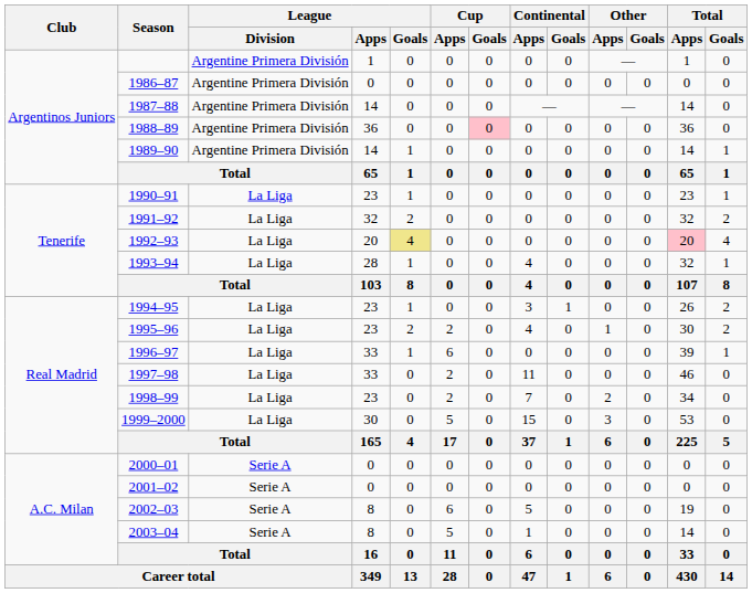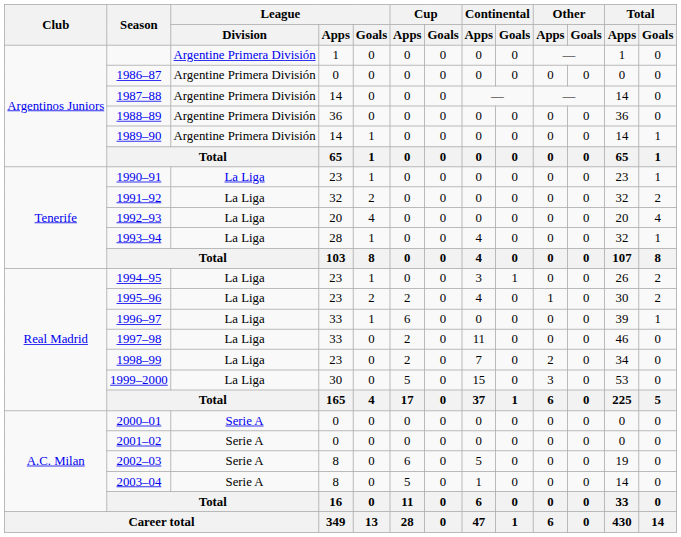 <table class="wikitable" style="text-align:center">
 <tr>
 <th rowspan="2">Club</th>
 <th rowspan="2">Season</th>
 <th colspan="3">League</th>
 <th colspan="2">Cup</th>
 <th colspan="2">Continental</th>
 <th colspan="2">Other</th>
 <th colspan="2">Total</th>
 </tr>
 <tr>
 <th>Division</th>
 <th>Apps</th>
 <th>Goals</th>
 <th>Apps</th>
 <th>Goals</th>
 <th>Apps</th>
 <th>Goals</th>
 <th>Apps</th>
 <th>Goals</th>
 <th>Apps</th>
 <th>Goals</th>
 </tr>
 <tr>
 <td rowspan="6"><a href='#'>Argentinos Juniors</a></td>
 <td></td>
 <td><a href='#'>Argentine Primera División</a></td>
 <td>1</td>
 <td>0</td>
 <td>0</td>
 <td>0</td>
 <td>0</td>
 <td>0</td>
 <td colspan="2">—</td>
 <td>1</td>
 <td>0</td>
 </tr>
 <tr>
 <td><a href='#'>1986–87</a></td>
 <td>Argentine Primera División</td>
 <td>0</td>
 <td>0</td>
 <td>0</td>
 <td>0</td>
 <td>0</td>
 <td>0</td>
 <td>0</td>
 <td>0</td>
 <td>0</td>
 <td>0</td>
 </tr>
 <tr>
 <td><a href='#'>1987–88</a></td>
 <td>Argentine Primera División</td>
 <td>14</td>
 <td>0</td>
 <td>0</td>
 <td>0</td>
 <td colspan="2">—</td>
 <td colspan="2">—</td>
 <td>14</td>
 <td>0</td>
 </tr>
 <tr>
 <td><a href='#'>1988–89</a></td>
 <td>Argentine Primera División</td>
 <td>36</td>
 <td>0</td>
 <td>0</td>
-<td style="background: pink;">0</td>
+<td>0</td>
 <td>0</td>
 <td>0</td>
 <td>0</td>
 <td>0</td>
 <td>36</td>
 <td>0</td>
 </tr>
 <tr>
 <td><a href='#'>1989–90</a></td>
 <td>Argentine Primera División</td>
 <td>14</td>
 <td>1</td>
 <td>0</td>
 <td>0</td>
 <td>0</td>
 <td>0</td>
 <td>0</td>
 <td>0</td>
 <td>14</td>
 <td>1</td>
 </tr>
 <tr>
 <th colspan="2">Total</th>
 <th>65</th>
 <th>1</th>
 <th>0</th>
 <th>0</th>
 <th>0</th>
 <th>0</th>
 <th>0</th>
 <th>0</th>
 <th>65</th>
 <th>1</th>
 </tr>
 <tr>
 <td rowspan="5"><a href='#'>Tenerife</a></td>
 <td><a href='#'>1990–91</a></td>
 <td><a href='#'>La Liga</a></td>
 <td>23</td>
 <td>1</td>
 <td>0</td>
 <td>0</td>
 <td>0</td>
 <td>0</td>
 <td>0</td>
 <td>0</td>
 <td>23</td>
 <td>1</td>
 </tr>
 <tr>
 <td><a href='#'>1991–92</a></td>
 <td>La Liga</td>
 <td>32</td>
 <td>2</td>
 <td>0</td>
 <td>0</td>
 <td>0</td>
 <td>0</td>
 <td>0</td>
 <td>0</td>
 <td>32</td>
 <td>2</td>
 </tr>
 <tr>
 <td><a href='#'>1992–93</a></td>
 <td>La Liga</td>
 <td>20</td>
-<td style="background: khaki;">4</td>
+<td>4</td>
 <td>0</td>
 <td>0</td>
 <td>0</td>
 <td>0</td>
 <td>0</td>
 <td>0</td>
-<td style="background: pink;">20</td>
+<td>20</td>
 <td>4</td>
 </tr>
 <tr>
 <td><a href='#'>1993–94</a></td>
 <td>La Liga</td>
 <td>28</td>
 <td>1</td>
 <td>0</td>
 <td>0</td>
 <td>4</td>
 <td>0</td>
 <td>0</td>
 <td>0</td>
 <td>32</td>
 <td>1</td>
 </tr>
 <tr>
 <th colspan="2">Total</th>
 <th>103</th>
 <th>8</th>
 <th>0</th>
 <th>0</th>
 <th>4</th>
 <th>0</th>
 <th>0</th>
 <th>0</th>
 <th>107</th>
 <th>8</th>
 </tr>
 <tr>
 <td rowspan="7"><a href='#'>Real Madrid</a></td>
 <td><a href='#'>1994–95</a></td>
 <td>La Liga</td>
 <td>23</td>
 <td>1</td>
 <td>0</td>
 <td>0</td>
 <td>3</td>
 <td>1</td>
 <td>0</td>
 <td>0</td>
 <td>26</td>
 <td>2</td>
 </tr>
 <tr>
 <td><a href='#'>1995–96</a></td>
 <td>La Liga</td>
 <td>23</td>
 <td>2</td>
 <td>2</td>
 <td>0</td>
 <td>4</td>
 <td>0</td>
 <td>1</td>
 <td>0</td>
 <td>30</td>
 <td>2</td>
 </tr>
 <tr>
 <td><a href='#'>1996–97</a></td>
 <td>La Liga</td>
 <td>33</td>
 <td>1</td>
 <td>6</td>
 <td>0</td>
 <td>0</td>
 <td>0</td>
 <td>0</td>
 <td>0</td>
 <td>39</td>
 <td>1</td>
 </tr>
 <tr>
 <td><a href='#'>1997–98</a></td>
 <td>La Liga</td>
 <td>33</td>
 <td>0</td>
 <td>2</td>
 <td>0</td>
 <td>11</td>
 <td>0</td>
 <td>0</td>
 <td>0</td>
 <td>46</td>
 <td>0</td>
 </tr>
 <tr>
 <td><a href='#'>1998–99</a></td>
 <td>La Liga</td>
 <td>23</td>
 <td>0</td>
 <td>2</td>
 <td>0</td>
 <td>7</td>
 <td>0</td>
 <td>2</td>
 <td>0</td>
 <td>34</td>
 <td>0</td>
 </tr>
 <tr>
 <td><a href='#'>1999–2000</a></td>
 <td>La Liga</td>
 <td>30</td>
 <td>0</td>
 <td>5</td>
 <td>0</td>
 <td>15</td>
 <td>0</td>
 <td>3</td>
 <td>0</td>
 <td>53</td>
 <td>0</td>
 </tr>
 <tr>
 <th colspan="2">Total</th>
 <th>165</th>
 <th>4</th>
 <th>17</th>
 <th>0</th>
 <th>37</th>
 <th>1</th>
 <th>6</th>
 <th>0</th>
 <th>225</th>
 <th>5</th>
 </tr>
 <tr>
 <td rowspan="5"><a href='#'>A.C. Milan</a></td>
 <td><a href='#'>2000–01</a></td>
 <td><a href='#'>Serie A</a></td>
 <td>0</td>
 <td>0</td>
 <td>0</td>
 <td>0</td>
 <td>0</td>
 <td>0</td>
 <td>0</td>
 <td>0</td>
 <td>0</td>
 <td>0</td>
 </tr>
 <tr>
 <td><a href='#'>2001–02</a></td>
 <td>Serie A</td>
 <td>0</td>
 <td>0</td>
 <td>0</td>
 <td>0</td>
 <td>0</td>
 <td>0</td>
 <td>0</td>
 <td>0</td>
 <td>0</td>
 <td>0</td>
 </tr>
 <tr>
 <td><a href='#'>2002–03</a></td>
 <td>Serie A</td>
 <td>8</td>
 <td>0</td>
 <td>6</td>
 <td>0</td>
 <td>5</td>
 <td>0</td>
 <td>0</td>
 <td>0</td>
 <td>19</td>
 <td>0</td>
 </tr>
 <tr>
 <td><a href='#'>2003–04</a></td>
 <td>Serie A</td>
 <td>8</td>
 <td>0</td>
 <td>5</td>
 <td>0</td>
 <td>1</td>
 <td>0</td>
 <td>0</td>
 <td>0</td>
 <td>14</td>
 <td>0</td>
 </tr>
 <tr>
 <th colspan="2">Total</th>
 <th>16</th>
 <th>0</th>
 <th>11</th>
 <th>0</th>
 <th>6</th>
 <th>0</th>
 <th>0</th>
 <th>0</th>
 <th>33</th>
 <th>0</th>
 </tr>
 <tr>
 <th colspan="3">Career total</th>
 <th>349</th>
 <th>13</th>
 <th>28</th>
 <th>0</th>
 <th>47</th>
 <th>1</th>
 <th>6</th>
 <th>0</th>
 <th>430</th>
 <th>14</th>
 </tr>
 </table>
